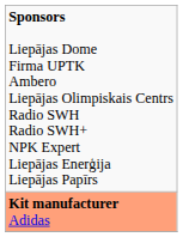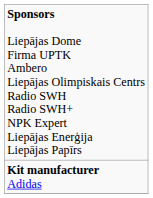 <table class="wikitable">
 <tr>
 <td><strong>Sponsors</strong><br>  <br>  Liepājas Dome <br>  Firma UPTK <br>  Ambero <br>   Liepājas Olimpiskais Centrs <br>  Radio SWH <br>  Radio SWH+ <br>  NPK Expert <br>  Liepājas Enerģija <br>  Liepājas Papīrs</td>
 </tr>
 <tr>
-<td style="background: lightsalmon;"><strong>Kit manufacturer</strong><br> <a href='#'>Adidas</a></td>
+<td><strong>Kit manufacturer</strong><br> <a href='#'>Adidas</a></td>
 </tr>
 <tr>
 </tr>
 </table>
